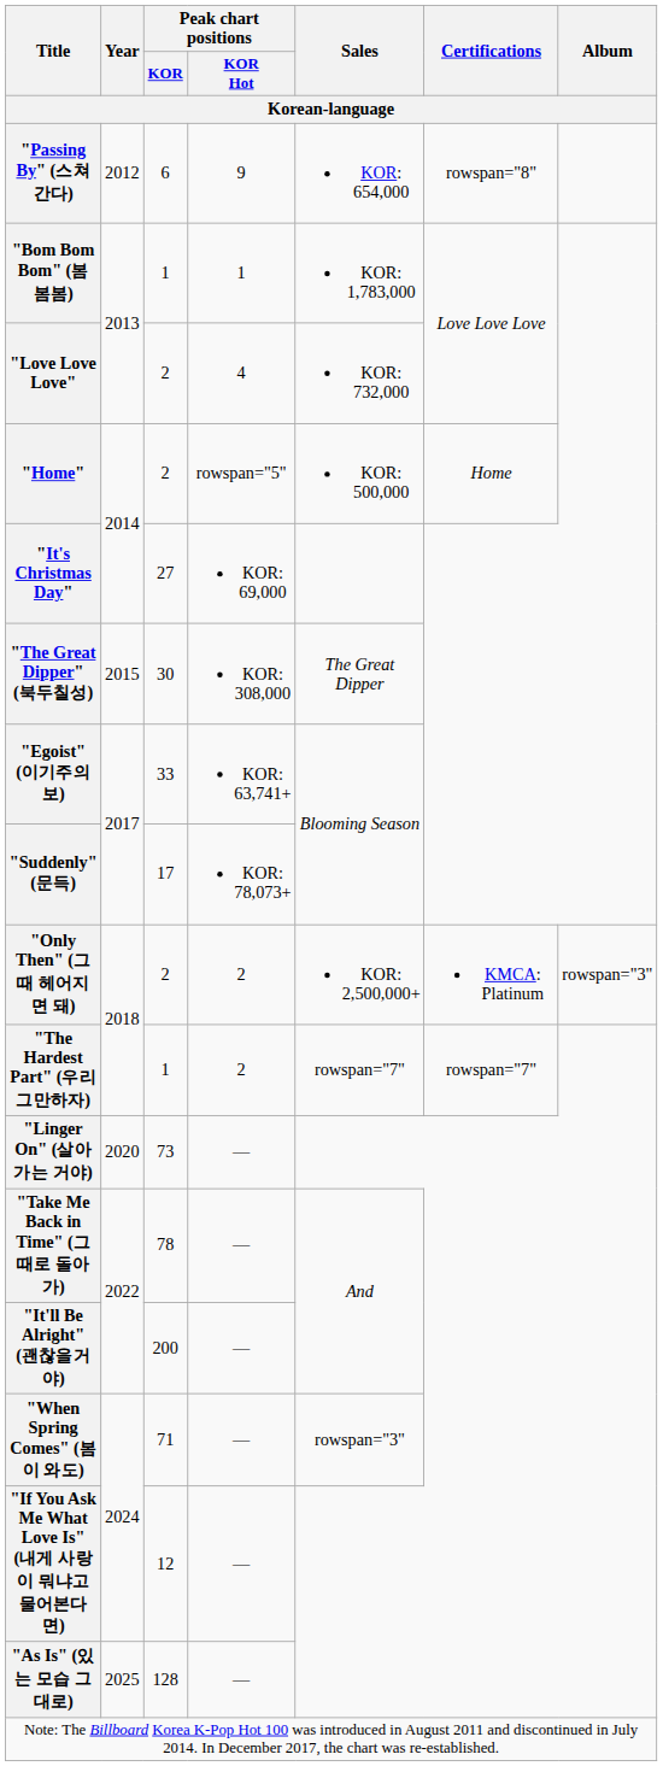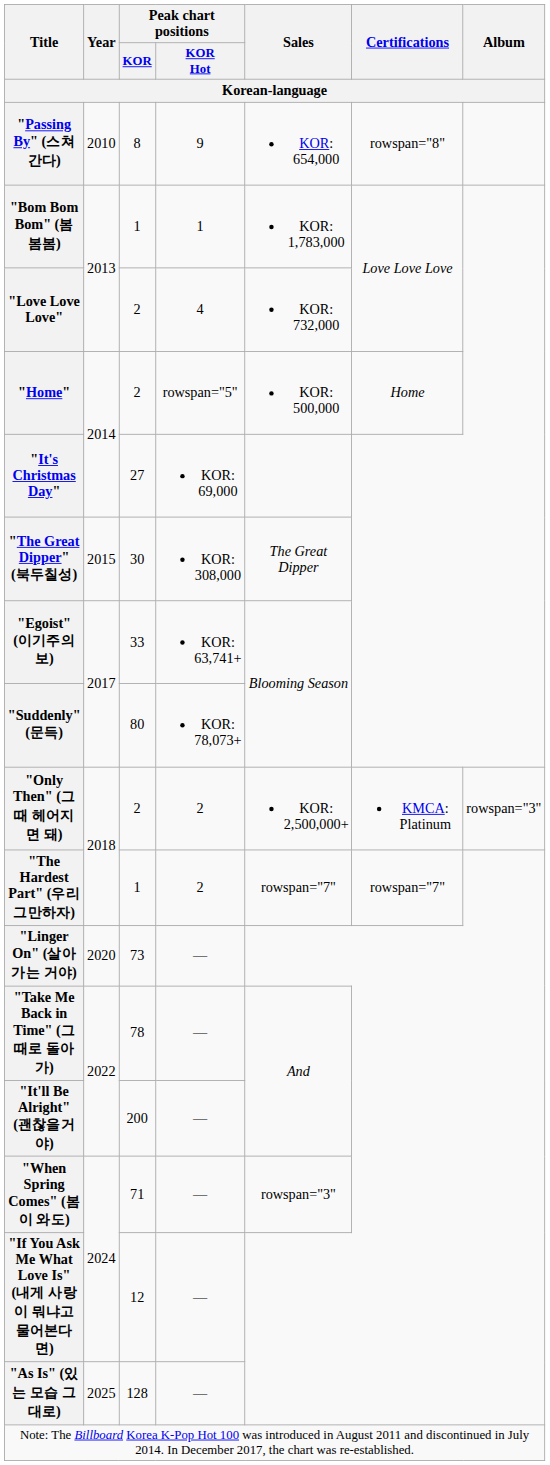 <table class="wikitable plainrowheaders" style="text-align:center;">
 <tr>
 <th scope="col" rowspan="2">Title</th>
 <th scope="col" rowspan="2">Year</th>
 <th scope="col" colspan="2">Peak chart positions</th>
 <th scope="col" rowspan="2">Sales<br></th>
 <th scope="col" rowspan="2" style="width:14em;"><a href='#'>Certifications</a></th>
 <th scope="col" rowspan="2">Album</th>
 </tr>
 <tr>
 <th scope="col" style="width:3em;font-size:90%;"><a href='#'>KOR</a><br></th>
 <th scope="col" style="width:3em;font-size:90%;"><a href='#'>KOR<br>Hot</a><br></th>
 </tr>
 <tr>
 <th scope="col" colspan="7">Korean-language</th>
 </tr>
 <tr>
 <th scope="row">"<a href='#'>Passing By</a>" (스쳐간다)</th>
-<td>2012</td>
-<td>6</td>
+<td>2010</td>
+<td>8</td>
 <td>9</td>
 <td><br><ul><li><a href='#'>KOR</a>: 654,000</li></ul></td>
 <td>rowspan="8" </td>
 <td></td>
 </tr>
 <tr>
 <th scope="row">"Bom Bom Bom" (봄봄봄)</th>
 <td rowspan="2">2013</td>
 <td>1</td>
 <td>1</td>
 <td><br><ul><li>KOR: 1,783,000</li></ul></td>
 <td rowspan="2"><em>Love Love Love</em></td>
 </tr>
 <tr>
 <th scope="row">"Love Love Love"</th>
 <td>2</td>
 <td>4</td>
 <td><br><ul><li>KOR: 732,000</li></ul></td>
 </tr>
 <tr>
 <th scope="row">"<a href='#'>Home</a>"</th>
 <td rowspan="2">2014</td>
 <td>2</td>
 <td>rowspan="5" </td>
 <td><br><ul><li>KOR: 500,000</li></ul></td>
 <td><em>Home</em></td>
 </tr>
 <tr>
 <th scope="row">"<a href='#'>It's Christmas Day</a>"</th>
 <td>27</td>
 <td><br><ul><li>KOR: 69,000</li></ul></td>
 <td></td>
 </tr>
 <tr>
 <th scope="row">"<a href='#'>The Great Dipper</a>" (북두칠성)</th>
 <td>2015</td>
 <td>30</td>
 <td><br><ul><li>KOR: 308,000</li></ul></td>
 <td><em>The Great Dipper</em></td>
 </tr>
 <tr>
 <th scope="row">"Egoist" (이기주의보)</th>
 <td rowspan="2">2017</td>
 <td>33</td>
 <td><br><ul><li>KOR: 63,741+</li></ul></td>
 <td rowspan="2"><em>Blooming Season</em></td>
 </tr>
 <tr>
 <th scope="row">"Suddenly" (문득)</th>
-<td>17</td>
+<td>80</td>
 <td><br><ul><li>KOR: 78,073+</li></ul></td>
 </tr>
 <tr>
 <th scope="row">"Only Then" (그때 헤어지면 돼)</th>
 <td rowspan="2">2018</td>
 <td>2</td>
 <td>2</td>
 <td><br><ul><li>KOR: 2,500,000+</li></ul></td>
 <td><br><ul><li><a href='#'>KMCA</a>: Platinum <small></small></li></ul></td>
 <td>rowspan="3" </td>
 </tr>
 <tr>
 <th scope="row">"The Hardest Part" (우리 그만하자)</th>
 <td>1</td>
 <td>2</td>
 <td>rowspan="7" </td>
 <td>rowspan="7" </td>
 </tr>
 <tr>
 <th scope="row">"Linger On" (살아가는 거야)</th>
 <td>2020</td>
 <td>73</td>
 <td>—</td>
 </tr>
 <tr>
 <th scope="row">"Take Me Back in Time" (그때로 돌아가)</th>
 <td rowspan="2">2022</td>
 <td>78</td>
 <td>—</td>
 <td rowspan="2"><em>And</em></td>
 </tr>
 <tr>
 <th scope="row">"It'll Be Alright" (괜찮을거야)</th>
 <td>200</td>
 <td>—</td>
 </tr>
 <tr>
 <th scope="row">"When Spring Comes" (봄이 와도)</th>
 <td rowspan="2">2024</td>
 <td>71</td>
 <td>—</td>
 <td>rowspan="3" </td>
 </tr>
 <tr>
 <th scope="row">"If You Ask Me What Love Is"<br> (내게 사랑이 뭐냐고 물어본다면)</th>
 <td>12</td>
 <td>—</td>
 </tr>
 <tr>
 <th scope="row">"As Is" (있는 모습 그대로)</th>
 <td>2025</td>
 <td>128</td>
 <td>—</td>
 </tr>
 <tr>
 <td colspan="7" style="font-size:90%;">Note: The <em><a href='#'>Billboard</a></em> <a href='#'>Korea K-Pop Hot 100</a> was introduced in August 2011 and discontinued in July 2014. In December 2017, the chart was re-established.</td>
 </tr>
 </table>
